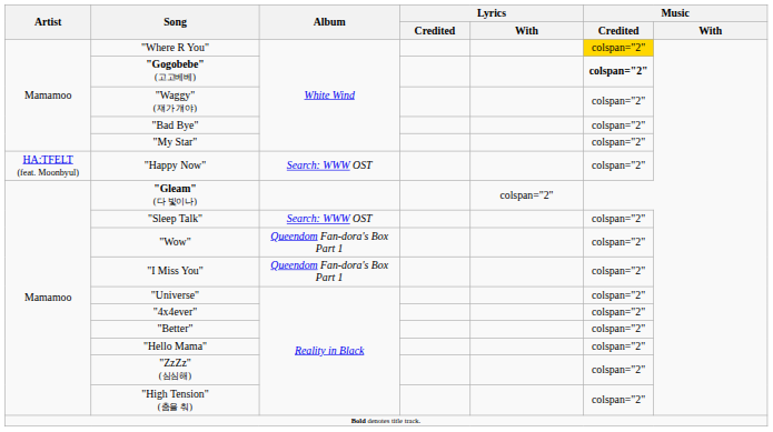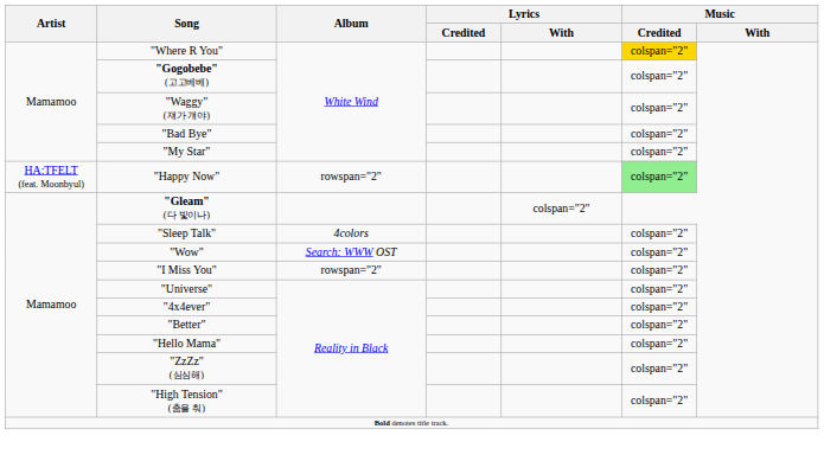 <table class="wikitable" style="text-align:center;">
 <tr>
 <th rowspan="2" style="width:7.5em;">Artist</th>
 <th rowspan="2" style="width:15em;">Song</th>
 <th rowspan="2" style="width:12.5em;">Album</th>
 <th colspan="2" style="width:16em;">Lyrics</th>
 <th colspan="2" style="width:16em;">Music</th>
 </tr>
 <tr>
 <th style="width:6em;">Credited</th>
 <th style="width:10em;">With</th>
 <th style="width:6em;">Credited</th>
 <th style="width:10em;">With</th>
 </tr>
 <tr>
 <td rowspan="5">Mamamoo</td>
 <td>"Where R You"</td>
 <td rowspan="5"><a href='#'><em>White Wind</em></a></td>
 <td></td>
 <td></td>
 <td style="background: gold;">colspan="2" </td>
 </tr>
 <tr>
 <td><strong>"Gogobebe"</strong> <br><small>(고고베베)</small></td>
 <td></td>
 <td></td>
-<td><strong>colspan="2" </strong></td>
+<td>colspan="2" </td>
 </tr>
 <tr>
 <td>"Waggy" <br><small>(쟤가 걔야)</small></td>
 <td></td>
 <td></td>
 <td>colspan="2" </td>
 </tr>
 <tr>
 <td>"Bad Bye"</td>
 <td></td>
 <td></td>
 <td>colspan="2" </td>
 </tr>
 <tr>
 <td>"My Star"</td>
 <td></td>
 <td></td>
 <td>colspan="2" </td>
 </tr>
 <tr>
 <td><a href='#'>HA:TFELT</a> <br><small>(feat. Moonbyul)</small></td>
 <td>"Happy Now"</td>
-<td><em><a href='#'>Search: WWW</a> OST</em></td>
+<td>rowspan="2"</td>
 <td></td>
 <td></td>
-<td>colspan="2" </td>
+<td style="background: lightgreen;">colspan="2" </td>
 </tr>
 <tr>
 <td rowspan="10">Mamamoo</td>
 <td><strong>"Gleam"</strong> <br><small>(다 빛이나)</small></td>
 <td></td>
 <td></td>
 <td>colspan="2" </td>
 </tr>
 <tr>
 <td>"Sleep Talk"</td>
+<td><em>4colors</em></td>
+<td></td>
+<td></td>
+<td>colspan="2" </td>
+</tr>
+<tr>
+<td>"Wow"</td>
 <td><em><a href='#'>Search: WWW</a> OST</em></td>
 <td></td>
 <td></td>
 <td>colspan="2" </td>
 </tr>
 <tr>
-<td>"Wow"</td>
-<td><em><a href='#'>Queendom</a> Fan-dora's Box Part 1</em></td>
-<td></td>
-<td></td>
-<td>colspan="2" </td>
-</tr>
-<tr>
 <td>"I Miss You"</td>
-<td><em><a href='#'>Queendom</a> Fan-dora's Box Part 1</em></td>
+<td>rowspan="2"</td>
 <td></td>
 <td></td>
 <td>colspan="2" </td>
 </tr>
 <tr>
 <td>"Universe"</td>
 <td rowspan="6"><em><a href='#'>Reality in Black</a></em></td>
 <td></td>
 <td></td>
 <td>colspan="2" </td>
 </tr>
 <tr>
 <td>"4x4ever"</td>
 <td></td>
 <td></td>
 <td>colspan="2" </td>
 </tr>
 <tr>
 <td>"Better"</td>
 <td></td>
 <td></td>
 <td>colspan="2" </td>
 </tr>
 <tr>
 <td>"Hello Mama"</td>
 <td></td>
 <td></td>
 <td>colspan="2" </td>
 </tr>
 <tr>
 <td>"ZzZz" <br><small>(심심해)</small></td>
 <td></td>
 <td></td>
 <td>colspan="2" </td>
 </tr>
 <tr>
 <td>"High Tension" <br><small>(춤을 춰)</small></td>
 <td></td>
 <td></td>
 <td>colspan="2" </td>
 </tr>
 <tr>
 <td colspan="7" style="text-align:center; font-size:8pt;"><strong>Bold</strong> denotes title track.</td>
 </tr>
 </table>
